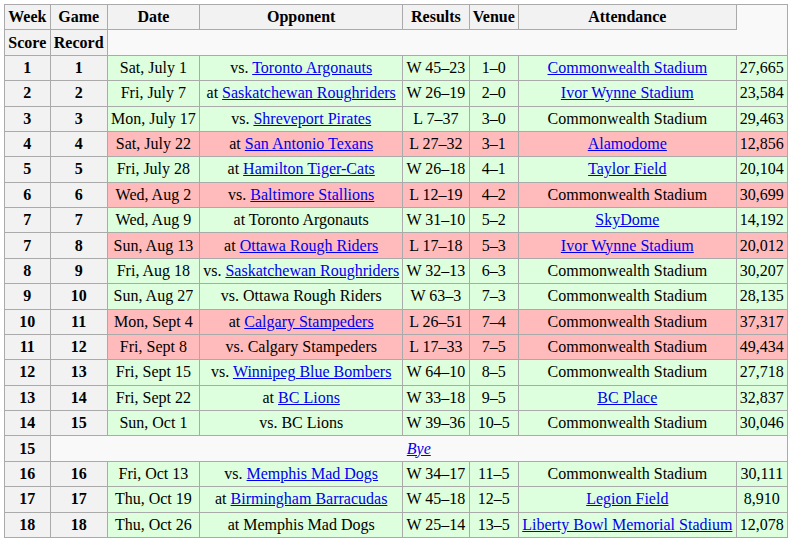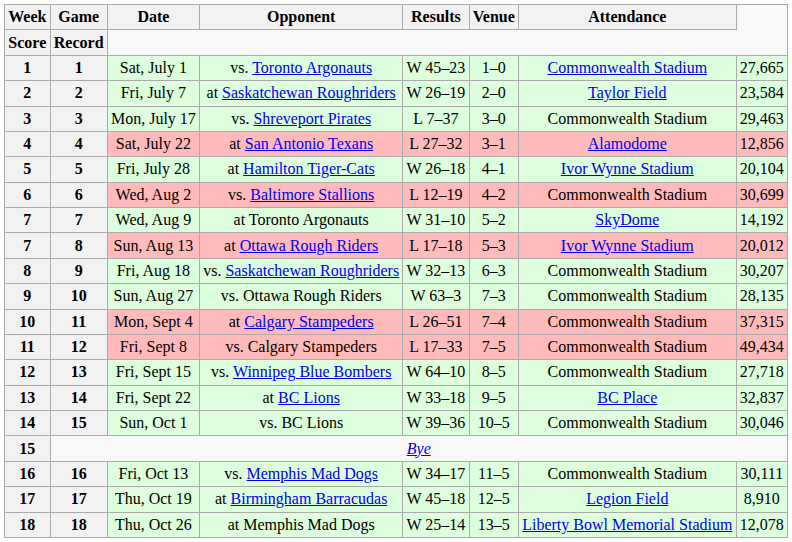 <table class="wikitable" style="text-align:center">
 <tr>
 <th>Week</th>
 <th>Game</th>
 <th>Date</th>
 <th>Opponent</th>
 <th>Results</th>
 <th>Venue</th>
 <th>Attendance</th>
 </tr>
 <tr>
 <th>Score</th>
 <th>Record</th>
 </tr>
 <tr style="background:#ddffdd">
 <th>1</th>
 <th>1</th>
 <td>Sat, July 1</td>
 <td>vs. <a href='#'>Toronto Argonauts</a></td>
 <td>W 45–23</td>
 <td>1–0</td>
 <td><a href='#'>Commonwealth Stadium</a></td>
 <td>27,665</td>
 </tr>
 <tr style="background:#ddffdd">
 <th>2</th>
 <th>2</th>
 <td>Fri, July 7</td>
 <td>at <a href='#'>Saskatchewan Roughriders</a></td>
 <td>W 26–19 </td>
 <td>2–0</td>
-<td><a href='#'>Ivor Wynne Stadium</a></td>
+<td><a href='#'>Taylor Field</a></td>
 <td>23,584</td>
 </tr>
 <tr style="background:#ddffdd">
 <th>3</th>
 <th>3</th>
 <td>Mon, July 17</td>
 <td>vs. <a href='#'>Shreveport Pirates</a></td>
 <td>L 7–37</td>
 <td>3–0</td>
 <td>Commonwealth Stadium</td>
 <td>29,463</td>
 </tr>
 <tr style="background:#ffbbbb">
 <th>4</th>
 <th>4</th>
 <td>Sat, July 22</td>
 <td>at <a href='#'>San Antonio Texans</a></td>
 <td>L 27–32</td>
 <td>3–1</td>
 <td><a href='#'>Alamodome</a></td>
 <td>12,856</td>
 </tr>
 <tr style="background:#ddffdd">
 <th>5</th>
 <th>5</th>
 <td>Fri, July 28</td>
 <td>at <a href='#'>Hamilton Tiger-Cats</a></td>
 <td>W 26–18</td>
 <td>4–1</td>
-<td><a href='#'>Taylor Field</a></td>
+<td><a href='#'>Ivor Wynne Stadium</a></td>
 <td>20,104</td>
 </tr>
 <tr style="background:#ffbbbb">
 <th>6</th>
 <th>6</th>
 <td>Wed, Aug 2</td>
 <td>vs. <a href='#'>Baltimore Stallions</a></td>
 <td>L 12–19</td>
 <td>4–2</td>
 <td>Commonwealth Stadium</td>
 <td>30,699</td>
 </tr>
 <tr style="background:#ddffdd">
 <th>7</th>
 <th>7</th>
 <td>Wed, Aug 9</td>
 <td>at Toronto Argonauts</td>
 <td>W 31–10</td>
 <td>5–2</td>
 <td><a href='#'>SkyDome</a></td>
 <td>14,192</td>
 </tr>
 <tr style="background:#ffbbbb">
 <th>7</th>
 <th>8</th>
 <td>Sun, Aug 13</td>
 <td>at <a href='#'>Ottawa Rough Riders</a></td>
 <td>L 17–18</td>
 <td>5–3</td>
 <td><a href='#'>Ivor Wynne Stadium</a></td>
 <td>20,012</td>
 </tr>
 <tr style="background:#ddffdd">
 <th>8</th>
 <th>9</th>
 <td>Fri, Aug 18</td>
 <td>vs. <a href='#'>Saskatchewan Roughriders</a></td>
 <td>W 32–13</td>
 <td>6–3</td>
 <td>Commonwealth Stadium</td>
 <td>30,207</td>
 </tr>
 <tr style="background:#ddffdd">
 <th>9</th>
 <th>10</th>
 <td>Sun, Aug 27</td>
 <td>vs. Ottawa Rough Riders</td>
 <td>W 63–3</td>
 <td>7–3</td>
 <td>Commonwealth Stadium</td>
 <td>28,135</td>
 </tr>
 <tr style="background:#ffbbbb">
 <th>10</th>
 <th>11</th>
 <td>Mon, Sept 4</td>
 <td>at <a href='#'>Calgary Stampeders</a></td>
 <td>L 26–51</td>
 <td>7–4</td>
 <td>Commonwealth Stadium</td>
-<td>37,317</td>
+<td>37,315</td>
 </tr>
 <tr style="background:#ffbbbb">
 <th>11</th>
 <th>12</th>
 <td>Fri, Sept 8</td>
 <td>vs. Calgary Stampeders</td>
 <td>L 17–33</td>
 <td>7–5</td>
 <td>Commonwealth Stadium</td>
 <td>49,434</td>
 </tr>
 <tr style="background:#ddffdd">
 <th>12</th>
 <th>13</th>
 <td>Fri, Sept 15</td>
 <td>vs. <a href='#'>Winnipeg Blue Bombers</a></td>
 <td>W 64–10</td>
 <td>8–5</td>
 <td>Commonwealth Stadium</td>
 <td>27,718</td>
 </tr>
 <tr style="background:#ddffdd">
 <th>13</th>
 <th>14</th>
 <td>Fri, Sept 22</td>
 <td>at <a href='#'>BC Lions</a></td>
 <td>W 33–18</td>
 <td>9–5</td>
 <td><a href='#'>BC Place</a></td>
 <td>32,837</td>
 </tr>
 <tr style="background:#ddffdd">
 <th>14</th>
 <th>15</th>
 <td>Sun, Oct 1</td>
 <td>vs. BC Lions</td>
 <td>W 39–36</td>
 <td>10–5</td>
 <td>Commonwealth Stadium</td>
 <td>30,046</td>
 </tr>
 <tr>
 <th>15</th>
 <td colspan=7><em><a href='#'>Bye</a></em></td>
 </tr>
 <tr style="background:#ddffdd">
 <th>16</th>
 <th>16</th>
 <td>Fri, Oct 13</td>
 <td>vs. <a href='#'>Memphis Mad Dogs</a></td>
 <td>W 34–17</td>
 <td>11–5</td>
 <td>Commonwealth Stadium</td>
 <td>30,111</td>
 </tr>
 <tr style="background:#ddffdd">
 <th>17</th>
 <th>17</th>
 <td>Thu, Oct 19</td>
 <td>at <a href='#'>Birmingham Barracudas</a></td>
 <td>W 45–18</td>
 <td>12–5</td>
 <td><a href='#'>Legion Field</a></td>
 <td>8,910</td>
 </tr>
 <tr style="background:#ddffdd">
 <th>18</th>
 <th>18</th>
 <td>Thu, Oct 26</td>
 <td>at Memphis Mad Dogs</td>
 <td>W 25–14</td>
 <td>13–5</td>
 <td><a href='#'>Liberty Bowl Memorial Stadium</a></td>
 <td>12,078</td>
 </tr>
 </table>
